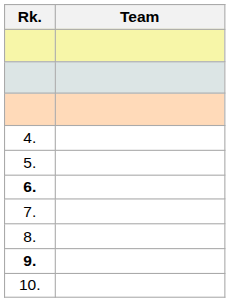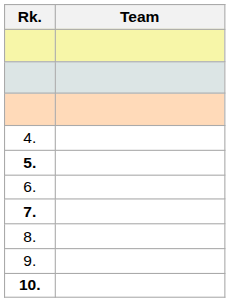 <table class="wikitable" style="border:1px solid #AAAAAA;font-size:90%">
 <tr bgcolor="#E4E4E4">
 <th style="border-bottom:1px solid #AAAAAA" width=40>Rk.</th>
 <th style="border-bottom:1px solid #AAAAAA" width=150>Team</th>
 </tr>
 <tr bgcolor="#F7F6A8">
 <td align="center" style="height:23px"></td>
 <td><strong></strong></td>
 </tr>
 <tr bgcolor="#DCE5E5">
 <td align="center" style="height:23px"></td>
 <td></td>
 </tr>
 <tr bgcolor="#FFDAB9">
 <td align="center" style="height:23px"></td>
 <td></td>
 </tr>
 <tr style="background:#ffffff;">
 <td align="center">4.</td>
 <td></td>
 </tr>
 <tr style="background:#ffffff;">
-<td align="center">5.</td>
+<td align="center"><strong>5.</strong></td>
 <td></td>
 </tr>
 <tr style="background:#ffffff;">
-<td align="center"><strong>6.</strong></td>
+<td align="center">6.</td>
 <td></td>
 </tr>
 <tr style="background:#ffffff;">
-<td align="center">7.</td>
+<td align="center"><strong>7.</strong></td>
 <td></td>
 </tr>
 <tr style="background:#ffffff;">
 <td align="center">8.</td>
 <td></td>
 </tr>
 <tr style="background:#ffffff;">
-<td align="center"><strong>9.</strong></td>
+<td align="center">9.</td>
 <td></td>
 </tr>
 <tr style="background:#ffffff;">
-<td align="center">10.</td>
+<td align="center"><strong>10.</strong></td>
 <td></td>
 </tr>
 </table>
